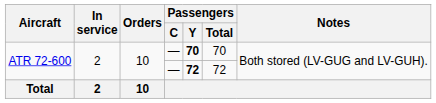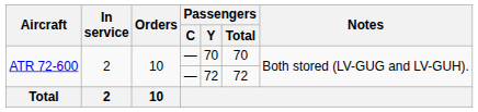 <table class="wikitable" style="margin:0.5em auto; text-align:center">
 <tr>
 <th rowspan=2>Aircraft</th>
 <th rowspan=2>In <br> service</th>
 <th rowspan=2>Orders</th>
 <th colspan=3>Passengers</th>
 <th rowspan=2>Notes</th>
 </tr>
 <tr>
 <th><abbr>C</abbr></th>
 <th><abbr>Y</abbr></th>
 <th>Total</th>
 </tr>
 <tr>
 <td rowspan=2><a href='#'>ATR 72-600</a></td>
 <td rowspan=2>2</td>
 <td rowspan=2>10</td>
 <td>—</td>
-<td><strong>70</strong></td>
+<td>70</td>
 <td>70</td>
 <td rowspan=2>Both stored (LV-GUG and LV-GUH).</td>
 </tr>
 <tr>
 <td>—</td>
-<td><strong>72</strong></td>
+<td>72</td>
 <td>72</td>
 </tr>
 <tr>
 <th>Total</th>
 <th>2</th>
 <th>10</th>
 <th colspan=6></th>
 </tr>
 </table>
